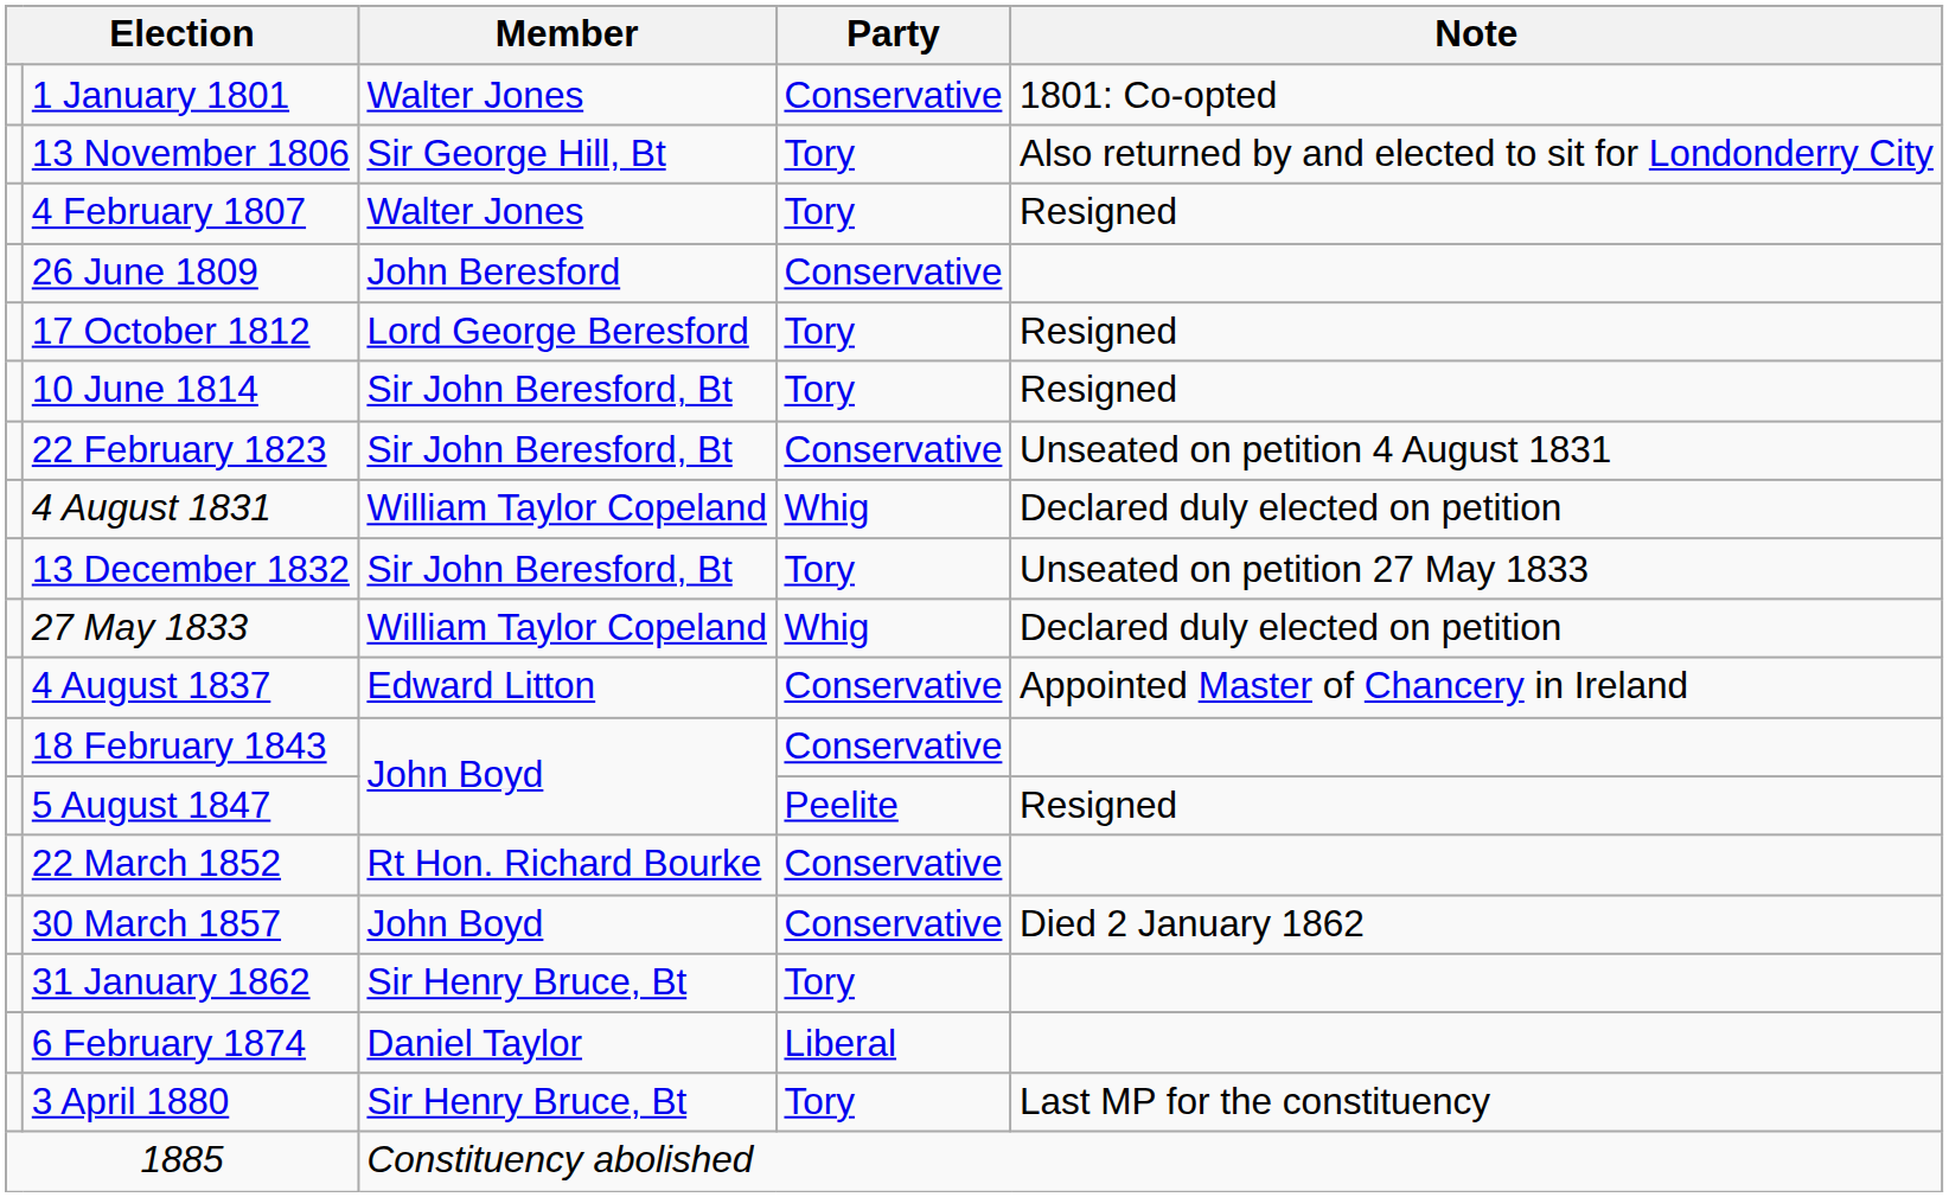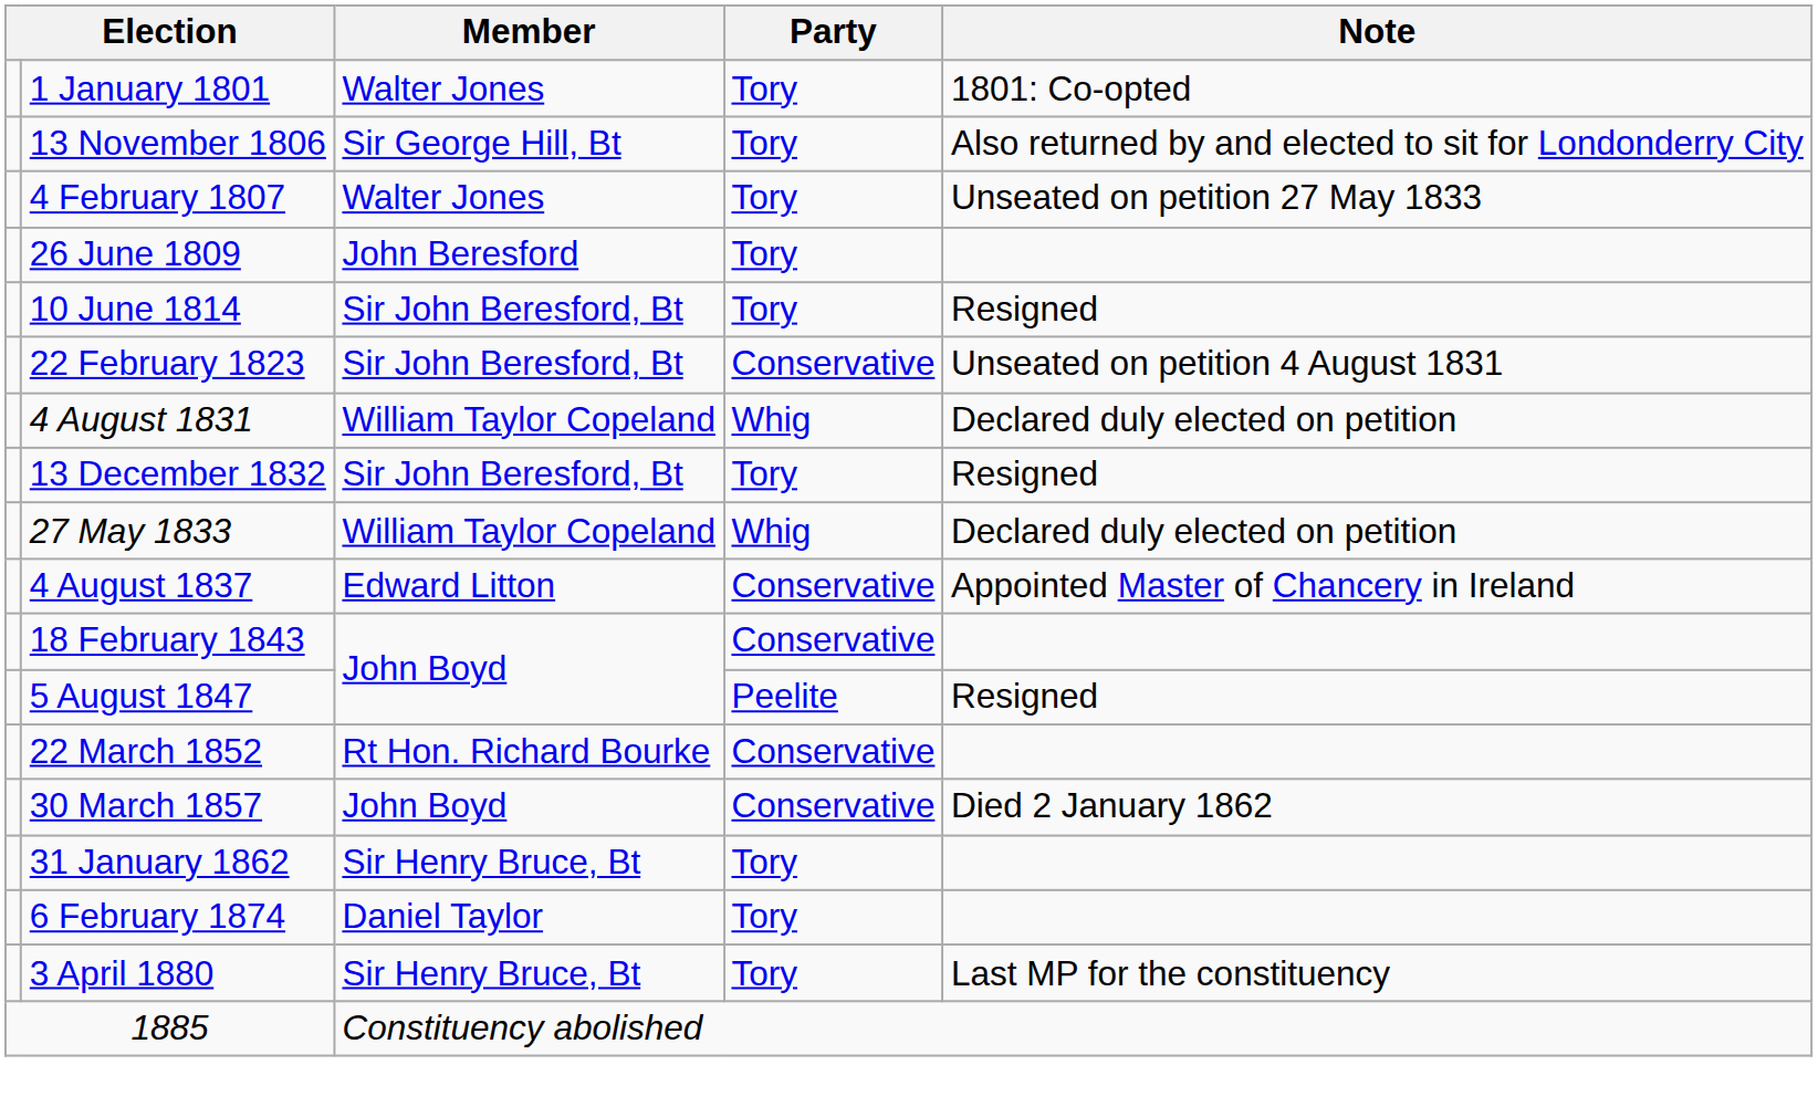 <table class="wikitable">
 <tr>
 <th colspan="2">Election</th>
 <th>Member</th>
 <th>Party</th>
 <th>Note</th>
 </tr>
 <tr>
 <td style="color:inherit;background-color: "></td>
 <td><a href='#'>1 January 1801</a></td>
 <td><a href='#'>Walter Jones</a></td>
-<td><a href='#'>Conservative</a></td>
+<td><a href='#'>Tory</a></td>
 <td>1801: Co-opted</td>
 </tr>
 <tr>
 <td style="color:inherit;background-color: "></td>
 <td><a href='#'>13 November 1806</a></td>
 <td><a href='#'>Sir George Hill, Bt</a></td>
 <td><a href='#'>Tory</a></td>
 <td>Also returned by and elected to sit for <a href='#'>Londonderry City</a></td>
 </tr>
 <tr>
 <td style="color:inherit;background-color: "></td>
 <td><a href='#'>4 February 1807</a></td>
 <td><a href='#'>Walter Jones</a></td>
 <td><a href='#'>Tory</a></td>
-<td>Resigned</td>
+<td>Unseated on petition 27 May 1833</td>
 </tr>
 <tr>
 <td style="color:inherit;background-color: "></td>
 <td><a href='#'>26 June 1809</a></td>
 <td><a href='#'>John Beresford</a></td>
-<td><a href='#'>Conservative</a></td>
+<td><a href='#'>Tory</a></td>
 <td></td>
-</tr>
-<tr>
-<td style="color:inherit;background-color: "></td>
-<td><a href='#'>17 October 1812</a></td>
-<td><a href='#'>Lord George Beresford</a></td>
-<td><a href='#'>Tory</a></td>
-<td>Resigned</td>
 </tr>
 <tr>
 <td style="color:inherit;background-color: "></td>
 <td><a href='#'>10 June 1814</a></td>
 <td><a href='#'>Sir John Beresford, Bt</a></td>
 <td><a href='#'>Tory</a></td>
 <td>Resigned</td>
 </tr>
 <tr>
 <td style="color:inherit;background-color: "></td>
 <td><a href='#'>22 February 1823</a></td>
 <td><a href='#'>Sir John Beresford, Bt</a></td>
 <td><a href='#'>Conservative</a></td>
 <td>Unseated on petition 4 August 1831</td>
 </tr>
 <tr>
 <td style="color:inherit;background-color: "></td>
 <td><em>4 August 1831</em></td>
 <td><a href='#'>William Taylor Copeland</a></td>
 <td><a href='#'>Whig</a></td>
 <td>Declared duly elected on petition</td>
 </tr>
 <tr>
 <td style="color:inherit;background-color: "></td>
 <td><a href='#'>13 December 1832</a></td>
 <td><a href='#'>Sir John Beresford, Bt</a></td>
 <td><a href='#'>Tory</a></td>
-<td>Unseated on petition 27 May 1833</td>
+<td>Resigned</td>
 </tr>
 <tr>
 <td style="color:inherit;background-color: "></td>
 <td><em>27 May 1833</em></td>
 <td><a href='#'>William Taylor Copeland</a></td>
 <td><a href='#'>Whig</a></td>
 <td>Declared duly elected on petition</td>
 </tr>
 <tr>
 <td style="color:inherit;background-color: "></td>
 <td><a href='#'>4 August 1837</a></td>
 <td><a href='#'>Edward Litton</a></td>
 <td><a href='#'>Conservative</a></td>
 <td>Appointed <a href='#'>Master</a> of <a href='#'>Chancery</a> in Ireland</td>
 </tr>
 <tr>
 <td style="color:inherit;background-color: "></td>
 <td><a href='#'>18 February 1843</a></td>
 <td rowspan="2"><a href='#'>John Boyd</a></td>
 <td><a href='#'>Conservative</a></td>
 <td></td>
 </tr>
 <tr>
 <td style="color:inherit;background-color: "></td>
 <td><a href='#'>5 August 1847</a></td>
 <td><a href='#'>Peelite</a></td>
 <td>Resigned</td>
 </tr>
 <tr>
 <td style="color:inherit;background-color: "></td>
 <td><a href='#'>22 March 1852</a></td>
 <td><a href='#'>Rt Hon. Richard Bourke</a></td>
 <td><a href='#'>Conservative</a></td>
 <td></td>
 </tr>
 <tr>
 <td style="color:inherit;background-color: "></td>
 <td><a href='#'>30 March 1857</a></td>
 <td><a href='#'>John Boyd</a></td>
 <td><a href='#'>Conservative</a></td>
 <td>Died 2 January 1862</td>
 </tr>
 <tr>
 <td style="color:inherit;background-color: "></td>
 <td><a href='#'>31 January 1862</a></td>
 <td><a href='#'>Sir Henry Bruce, Bt</a></td>
 <td><a href='#'>Tory</a></td>
 <td></td>
 </tr>
 <tr>
 <td style="color:inherit;background-color: "></td>
 <td><a href='#'>6 February 1874</a></td>
 <td><a href='#'>Daniel Taylor</a></td>
-<td><a href='#'>Liberal</a></td>
+<td><a href='#'>Tory</a></td>
 <td></td>
 </tr>
 <tr>
 <td style="color:inherit;background-color: "></td>
 <td><a href='#'>3 April 1880</a></td>
 <td><a href='#'>Sir Henry Bruce, Bt</a></td>
 <td><a href='#'>Tory</a></td>
 <td>Last MP for the constituency</td>
 </tr>
 <tr>
 <td colspan="2" align="center"><em>1885</em></td>
 <td colspan="3"><em>Constituency abolished</em></td>
 </tr>
 </table>
